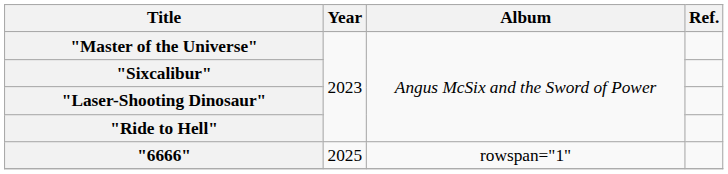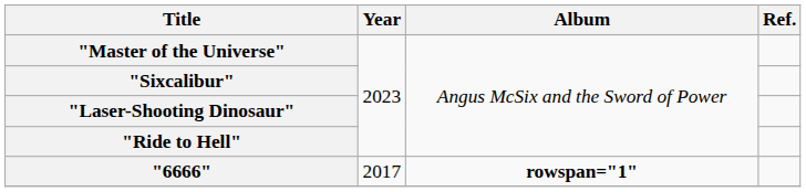 <table class="wikitable plainrowheaders" style="text-align:center;">
 <tr>
 <th scope="col" style="width:18em;">Title</th>
 <th scope="col">Year</th>
 <th scope="col" style="width:18em;">Album</th>
 <th scope="col">Ref.</th>
 </tr>
 <tr>
 <th scope="row">"Master of the Universe"</th>
 <td rowspan="4">2023</td>
 <td rowspan="4"><em>Angus McSix and the Sword of Power</em></td>
 <td></td>
 </tr>
 <tr>
 <th scope="row">"Sixcalibur"</th>
 <td></td>
 </tr>
 <tr>
 <th scope="row">"Laser-Shooting Dinosaur"</th>
 <td></td>
 </tr>
 <tr>
 <th scope="row">"Ride to Hell"</th>
 <td></td>
 </tr>
 <tr>
 <th scope="row">"6666"</th>
-<td rowspan="1">2025</td>
-<td>rowspan="1" </td>
+<td rowspan="1">2017</td>
+<td><strong>rowspan="1" </strong></td>
 <td></td>
 </tr>
 <tr>
 </tr>
 </table>
